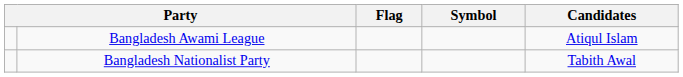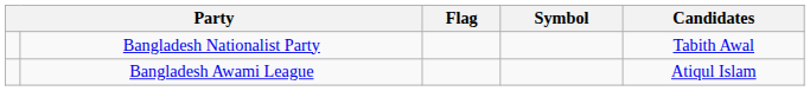 <table class="wikitable" width="60%" style="text-align:center;">
 <tr>
 <th colspan="2">Party</th>
 <th>Flag</th>
 <th>Symbol</th>
 <th>Candidates</th>
 </tr>
 <tr>
 <td></td>
+<td><a href='#'>Bangladesh Nationalist Party</a></td>
+<td></td>
+<td></td>
+<td><a href='#'>Tabith Awal</a></td>
+</tr>
+<tr>
+<td></td>
 <td><a href='#'>Bangladesh Awami League</a></td>
 <td></td>
 <td></td>
 <td><a href='#'>Atiqul Islam</a></td>
 </tr>
-<tr>
-<td></td>
-<td><a href='#'>Bangladesh Nationalist Party</a></td>
-<td></td>
-<td></td>
-<td><a href='#'>Tabith Awal</a></td>
-</tr>
 </table>
